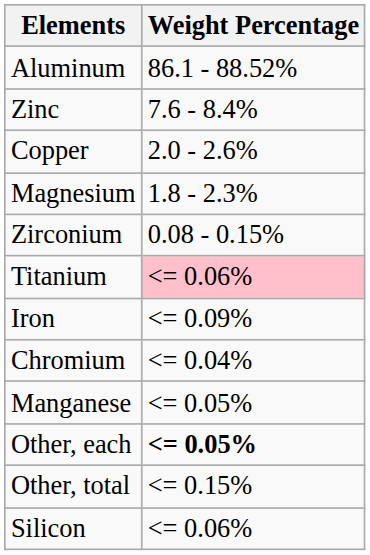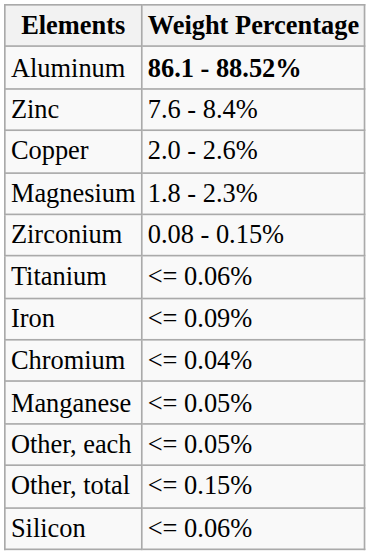 <table class="wikitable">
 <tr>
 <th>Elements</th>
 <th>Weight Percentage</th>
 </tr>
 <tr>
 <td>Aluminum</td>
-<td>86.1 - 88.52%</td>
+<td><strong>86.1 - 88.52%</strong></td>
 </tr>
 <tr>
 <td>Zinc</td>
 <td>7.6 - 8.4%</td>
 </tr>
 <tr>
 <td>Copper</td>
 <td>2.0 - 2.6%</td>
 </tr>
 <tr>
 <td>Magnesium</td>
 <td>1.8 - 2.3%</td>
 </tr>
 <tr>
 <td>Zirconium</td>
 <td>0.08 - 0.15%</td>
 </tr>
 <tr>
 <td>Titanium</td>
-<td style="background: pink;"><= 0.06%</td>
+<td><= 0.06%</td>
 </tr>
 <tr>
 <td>Iron</td>
 <td><= 0.09%</td>
 </tr>
 <tr>
 <td>Chromium</td>
 <td><= 0.04%</td>
 </tr>
 <tr>
 <td>Manganese</td>
 <td><= 0.05%</td>
 </tr>
 <tr>
 <td>Other, each</td>
-<td><strong><= 0.05%</strong></td>
+<td><= 0.05%</td>
 </tr>
 <tr>
 <td>Other, total</td>
 <td><= 0.15%</td>
 </tr>
 <tr>
 <td>Silicon</td>
 <td><= 0.06%</td>
 </tr>
 </table>
